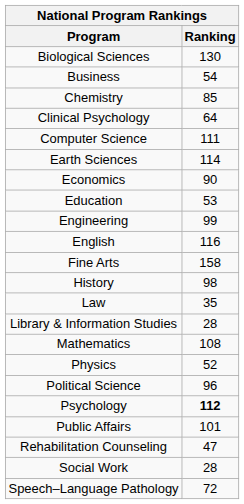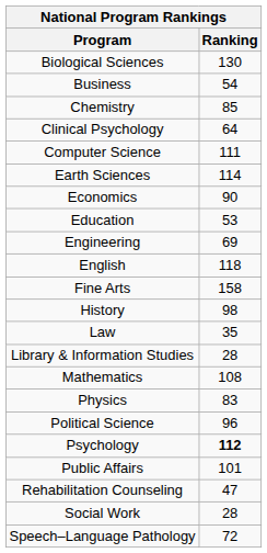 <table class="wikitable sortable collapsible collapsed" style="float:right; text-align:center">
 <tr>
 <th colspan=4>National Program Rankings</th>
 </tr>
 <tr>
 <th>Program</th>
 <th>Ranking</th>
 </tr>
 <tr>
 <td>Biological Sciences</td>
 <td>130</td>
 </tr>
 <tr>
 <td>Business</td>
 <td>54</td>
 </tr>
 <tr>
 <td>Chemistry</td>
 <td>85</td>
 </tr>
 <tr>
 <td>Clinical Psychology</td>
 <td>64</td>
 </tr>
 <tr>
 <td>Computer Science</td>
 <td>111</td>
 </tr>
 <tr>
 <td>Earth Sciences</td>
 <td>114</td>
 </tr>
 <tr>
 <td>Economics</td>
 <td>90</td>
 </tr>
 <tr>
 <td>Education</td>
 <td>53</td>
 </tr>
 <tr>
 <td>Engineering</td>
-<td>99</td>
+<td>69</td>
 </tr>
 <tr>
 <td>English</td>
-<td>116</td>
+<td>118</td>
 </tr>
 <tr>
 <td>Fine Arts</td>
 <td>158</td>
 </tr>
 <tr>
 <td>History</td>
 <td>98</td>
 </tr>
 <tr>
 <td>Law</td>
 <td>35</td>
 </tr>
 <tr>
 <td>Library & Information Studies</td>
 <td>28</td>
 </tr>
 <tr>
 <td>Mathematics</td>
 <td>108</td>
 </tr>
 <tr>
 <td>Physics</td>
-<td>52</td>
+<td>83</td>
 </tr>
 <tr>
 <td>Political Science</td>
 <td>96</td>
 </tr>
 <tr>
 <td>Psychology</td>
 <td><strong>112</strong></td>
 </tr>
 <tr>
 <td>Public Affairs</td>
 <td>101</td>
 </tr>
 <tr>
 <td>Rehabilitation Counseling</td>
 <td>47</td>
 </tr>
 <tr>
 <td>Social Work</td>
 <td>28</td>
 </tr>
 <tr>
 <td>Speech–Language Pathology</td>
 <td>72</td>
 </tr>
 </table>
